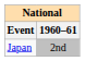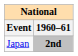 <table class="wikitable" style="text-align:center">
 <tr>
 <th style="background-color: #ffdead; " colspan=2 align=center>National</th>
 </tr>
 <tr>
 <th>Event</th>
 <th>1960–61</th>
 </tr>
 <tr>
 <td align=left><a href='#'>Japan</a></td>
-<td bgcolor=silver>2nd</td>
+<td bgcolor=silver><strong>2nd</strong></td>
 </tr>
 </table>
